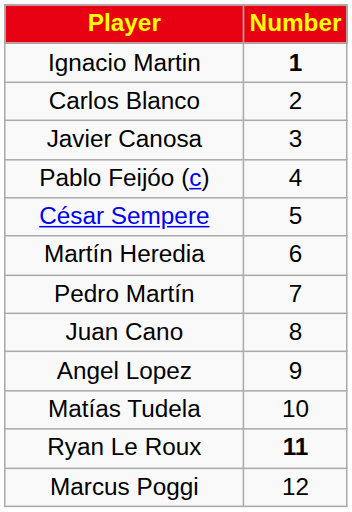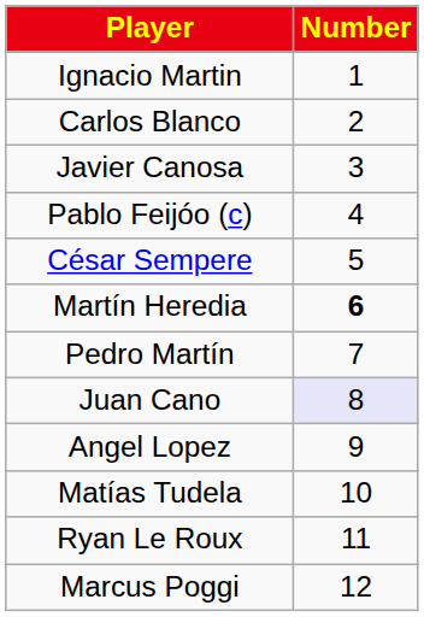 <table class="wikitable" style="text-align:center">
 <tr>
 <th style="background:#e80113; color:yellow; width:150px">Player</th>
 <th style="background:#e80113; color:yellow; width:50px">Number</th>
 </tr>
 <tr>
 <td>Ignacio Martin</td>
-<td><strong>1</strong></td>
+<td>1</td>
 </tr>
 <tr>
 <td>Carlos Blanco</td>
 <td>2</td>
 </tr>
 <tr>
 <td>Javier Canosa</td>
 <td>3</td>
 </tr>
 <tr>
 <td>Pablo Feijóo (<a href='#'>c</a>)</td>
 <td>4</td>
 </tr>
 <tr>
 <td><a href='#'>César Sempere</a></td>
 <td>5</td>
 </tr>
 <tr>
 <td>Martín Heredia</td>
-<td>6</td>
+<td><strong>6</strong></td>
 </tr>
 <tr>
 <td>Pedro Martín</td>
 <td>7</td>
 </tr>
 <tr>
 <td>Juan Cano</td>
-<td>8</td>
+<td style="background: lavender;">8</td>
 </tr>
 <tr>
 <td>Angel Lopez</td>
 <td>9</td>
 </tr>
 <tr>
 <td>Matías Tudela</td>
 <td>10</td>
 </tr>
 <tr>
 <td>Ryan Le Roux</td>
-<td><strong>11</strong></td>
+<td>11</td>
 </tr>
 <tr>
 <td>Marcus Poggi</td>
 <td>12</td>
 </tr>
 </table>
